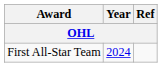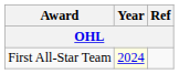 <table class="wikitable">
 <tr>
 <th>Award</th>
 <th>Year</th>
 <th>Ref</th>
 </tr>
 <tr>
 <th colspan="3"><a href='#'>OHL</a></th>
 </tr>
 <tr>
 <td>First All-Star Team</td>
-<td><a href='#'>2024</a></td>
+<td style="background: lightyellow;"><a href='#'>2024</a></td>
 <td></td>
 </tr>
 </table>
